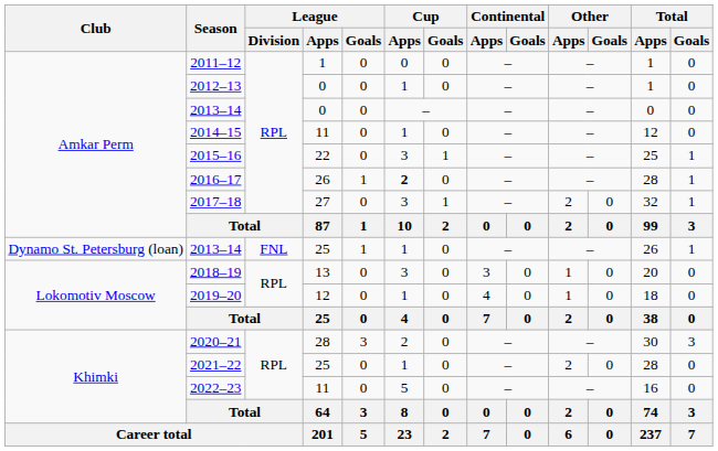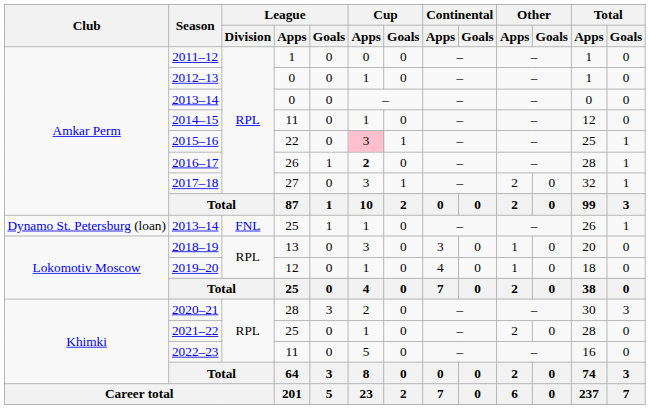 <table class="wikitable" style="text-align: center;">
 <tr>
 <th rowspan=2>Club</th>
 <th rowspan=2>Season</th>
 <th colspan=3>League</th>
 <th colspan=2>Cup</th>
 <th colspan=2>Continental</th>
 <th colspan=2>Other</th>
 <th colspan=2>Total</th>
 </tr>
 <tr>
 <th>Division</th>
 <th>Apps</th>
 <th>Goals</th>
 <th>Apps</th>
 <th>Goals</th>
 <th>Apps</th>
 <th>Goals</th>
 <th>Apps</th>
 <th>Goals</th>
 <th>Apps</th>
 <th>Goals</th>
 </tr>
 <tr>
 <td rowspan="8"><a href='#'>Amkar Perm</a></td>
 <td><a href='#'>2011–12</a></td>
 <td rowspan="7"><a href='#'>RPL</a></td>
 <td>1</td>
 <td>0</td>
 <td>0</td>
 <td>0</td>
 <td colspan=2>–</td>
 <td colspan=2>–</td>
 <td>1</td>
 <td>0</td>
 </tr>
 <tr>
 <td><a href='#'>2012–13</a></td>
 <td>0</td>
 <td>0</td>
 <td>1</td>
 <td>0</td>
 <td colspan=2>–</td>
 <td colspan=2>–</td>
 <td>1</td>
 <td>0</td>
 </tr>
 <tr>
 <td><a href='#'>2013–14</a></td>
 <td>0</td>
 <td>0</td>
 <td colspan=2>–</td>
 <td colspan=2>–</td>
 <td colspan=2>–</td>
 <td>0</td>
 <td>0</td>
 </tr>
 <tr>
 <td><a href='#'>2014–15</a></td>
 <td>11</td>
 <td>0</td>
 <td>1</td>
 <td>0</td>
 <td colspan=2>–</td>
 <td colspan=2>–</td>
 <td>12</td>
 <td>0</td>
 </tr>
 <tr>
 <td><a href='#'>2015–16</a></td>
 <td>22</td>
 <td>0</td>
-<td>3</td>
+<td style="background: pink;">3</td>
 <td>1</td>
 <td colspan=2>–</td>
 <td colspan=2>–</td>
 <td>25</td>
 <td>1</td>
 </tr>
 <tr>
 <td><a href='#'>2016–17</a></td>
 <td>26</td>
 <td>1</td>
 <td><strong>2</strong></td>
 <td>0</td>
 <td colspan=2>–</td>
 <td colspan=2>–</td>
 <td>28</td>
 <td>1</td>
 </tr>
 <tr>
 <td><a href='#'>2017–18</a></td>
 <td>27</td>
 <td>0</td>
 <td>3</td>
 <td>1</td>
 <td colspan=2>–</td>
 <td>2</td>
 <td>0</td>
 <td>32</td>
 <td>1</td>
 </tr>
 <tr>
 <th colspan=2>Total</th>
 <th>87</th>
 <th>1</th>
 <th>10</th>
 <th>2</th>
 <th>0</th>
 <th>0</th>
 <th>2</th>
 <th>0</th>
 <th>99</th>
 <th>3</th>
 </tr>
 <tr>
 <td><a href='#'>Dynamo St. Petersburg</a> (loan)</td>
 <td><a href='#'>2013–14</a></td>
 <td><a href='#'>FNL</a></td>
 <td>25</td>
 <td>1</td>
 <td>1</td>
 <td>0</td>
 <td colspan=2>–</td>
 <td colspan=2>–</td>
 <td>26</td>
 <td>1</td>
 </tr>
 <tr>
 <td rowspan="3"><a href='#'>Lokomotiv Moscow</a></td>
 <td><a href='#'>2018–19</a></td>
 <td rowspan="2">RPL</td>
 <td>13</td>
 <td>0</td>
 <td>3</td>
 <td>0</td>
 <td>3</td>
 <td>0</td>
 <td>1</td>
 <td>0</td>
 <td>20</td>
 <td>0</td>
 </tr>
 <tr>
 <td><a href='#'>2019–20</a></td>
 <td>12</td>
 <td>0</td>
 <td>1</td>
 <td>0</td>
 <td>4</td>
 <td>0</td>
 <td>1</td>
 <td>0</td>
 <td>18</td>
 <td>0</td>
 </tr>
 <tr>
 <th colspan=2>Total</th>
 <th>25</th>
 <th>0</th>
 <th>4</th>
 <th>0</th>
 <th>7</th>
 <th>0</th>
 <th>2</th>
 <th>0</th>
 <th>38</th>
 <th>0</th>
 </tr>
 <tr>
 <td rowspan="4"><a href='#'>Khimki</a></td>
 <td><a href='#'>2020–21</a></td>
 <td rowspan="3">RPL</td>
 <td>28</td>
 <td>3</td>
 <td>2</td>
 <td>0</td>
 <td colspan=2>–</td>
 <td colspan=2>–</td>
 <td>30</td>
 <td>3</td>
 </tr>
 <tr>
 <td><a href='#'>2021–22</a></td>
 <td>25</td>
 <td>0</td>
 <td>1</td>
 <td>0</td>
 <td colspan=2>–</td>
 <td>2</td>
 <td>0</td>
 <td>28</td>
 <td>0</td>
 </tr>
 <tr>
 <td><a href='#'>2022–23</a></td>
 <td>11</td>
 <td>0</td>
 <td>5</td>
 <td>0</td>
 <td colspan=2>–</td>
 <td colspan=2>–</td>
 <td>16</td>
 <td>0</td>
 </tr>
 <tr>
 <th colspan=2>Total</th>
 <th>64</th>
 <th>3</th>
 <th>8</th>
 <th>0</th>
 <th>0</th>
 <th>0</th>
 <th>2</th>
 <th>0</th>
 <th>74</th>
 <th>3</th>
 </tr>
 <tr>
 <th colspan=3>Career total</th>
 <th>201</th>
 <th>5</th>
 <th>23</th>
 <th>2</th>
 <th>7</th>
 <th>0</th>
 <th>6</th>
 <th>0</th>
 <th>237</th>
 <th>7</th>
 </tr>
 </table>
